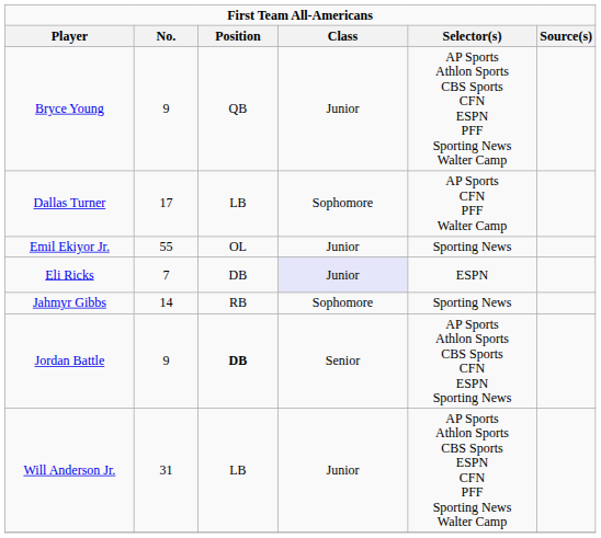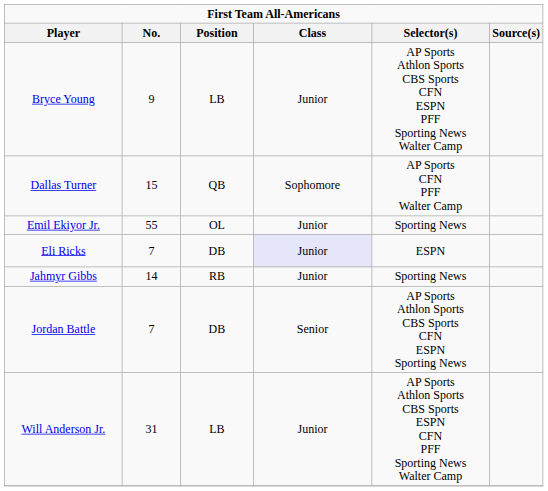 <table class="wikitable" style="text-align:center">
 <tr>
 <td colspan="6" style="text-align:center; "><strong>First Team All-Americans</strong></td>
 </tr>
 <tr>
 <th style="width:150px; ">Player</th>
 <th style="width:70px; ">No.</th>
 <th style="width:90px; ">Position</th>
 <th style="width:150px; ">Class</th>
 <th style="width:150px; ">Selector(s)</th>
 <th style="width:10px; ">Source(s)</th>
 </tr>
 <tr>
 <td><a href='#'>Bryce Young</a></td>
 <td>9</td>
-<td>QB</td>
+<td>LB</td>
 <td>Junior</td>
 <td>AP Sports<br> Athlon Sports <br> CBS Sports <br> CFN <br> ESPN <br> PFF <br> Sporting News <br> Walter Camp</td>
 <td><br><br><br><br><br><br><br><br></td>
 </tr>
 <tr>
 <td><a href='#'>Dallas Turner</a></td>
-<td>17</td>
-<td>LB</td>
+<td>15</td>
+<td>QB</td>
 <td>Sophomore</td>
 <td>AP Sports <br>CFN <br> PFF <br> Walter Camp</td>
 <td></td>
 </tr>
 <tr>
 <td><a href='#'>Emil Ekiyor Jr.</a></td>
 <td>55</td>
 <td>OL</td>
 <td>Junior</td>
 <td>Sporting News</td>
 <td></td>
 </tr>
 <tr>
 <td><a href='#'>Eli Ricks</a></td>
 <td>7</td>
 <td>DB</td>
 <td style="background: lavender;">Junior</td>
 <td>ESPN</td>
 <td><br> <br></td>
 </tr>
 <tr>
 <td><a href='#'>Jahmyr Gibbs</a></td>
 <td>14</td>
 <td>RB</td>
-<td>Sophomore</td>
+<td>Junior</td>
 <td>Sporting News</td>
 <td></td>
 </tr>
 <tr>
 <td><a href='#'>Jordan Battle</a></td>
-<td>9</td>
-<td><strong>DB</strong></td>
+<td>7</td>
+<td>DB</td>
 <td>Senior</td>
 <td>AP Sports <br> Athlon Sports <br> CBS Sports <br> CFN <br> ESPN <br> Sporting News</td>
 <td></td>
 </tr>
 <tr>
 <td><a href='#'>Will Anderson Jr.</a></td>
 <td>31</td>
 <td>LB</td>
 <td>Junior</td>
 <td>AP Sports <br> Athlon Sports <br> CBS Sports <br> ESPN <br> CFN <br> PFF <br> Sporting News <br> Walter Camp</td>
 <td></td>
 </tr>
 <tr>
 </tr>
 </table>
